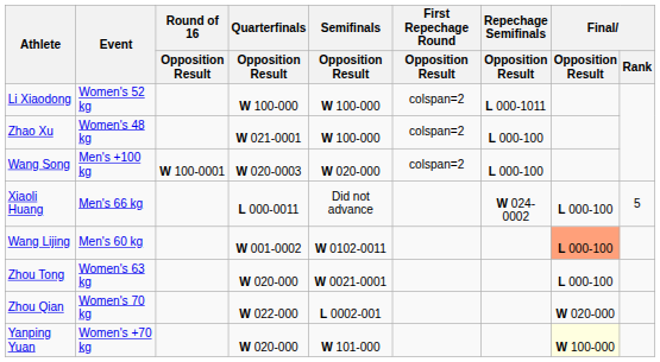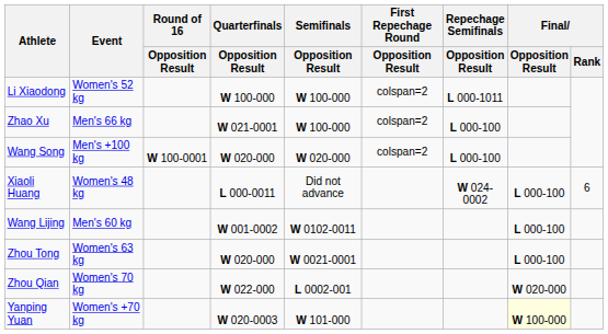 <table class="wikitable">
 <tr>
 <th rowspan="2">Athlete</th>
 <th rowspan="2">Event</th>
 <th>Round of 16</th>
 <th>Quarterfinals</th>
 <th>Semifinals</th>
 <th>First Repechage <br>Round</th>
 <th>Repechage <br>Semifinals</th>
 <th colspan="2">Final/</th>
 </tr>
 <tr>
 <th>Opposition<br>Result</th>
 <th>Opposition<br>Result</th>
 <th>Opposition<br>Result</th>
 <th>Opposition<br>Result</th>
 <th>Opposition<br>Result</th>
 <th>Opposition<br>Result</th>
 <th>Rank</th>
 </tr>
 <tr align=center>
 <td align=left><a href='#'>Li Xiaodong</a></td>
 <td align=left><a href='#'>Women's 52 kg</a></td>
 <td></td>
 <td><br><strong>W</strong> 100-000</td>
 <td><br><strong>W</strong> 100-000</td>
 <td>colspan=2 </td>
 <td><br><strong>L</strong> 000-1011</td>
 <td></td>
 </tr>
 <tr align=center>
 <td align=left><a href='#'>Zhao Xu</a></td>
-<td align=left><a href='#'>Women's 48 kg</a></td>
+<td align=left><a href='#'>Men's 66 kg</a></td>
 <td></td>
 <td><br><strong>W</strong> 021-0001</td>
 <td><br><strong>W</strong> 100-000</td>
 <td>colspan=2 </td>
 <td><br><strong>L</strong> 000-100</td>
 <td></td>
 </tr>
 <tr align=center>
 <td align=left><a href='#'>Wang Song</a></td>
 <td align=left><a href='#'>Men's +100 kg</a></td>
 <td><br><strong>W</strong> 100-0001</td>
-<td><br><strong>W</strong> 020-0003</td>
+<td><br><strong>W</strong> 020-000</td>
 <td><br><strong>W</strong> 020-000</td>
 <td>colspan=2 </td>
 <td><br><strong>L</strong> 000-100</td>
 <td></td>
 </tr>
 <tr align=center>
 <td align=left><a href='#'>Xiaoli Huang</a></td>
-<td align=left><a href='#'>Men's 66 kg</a></td>
+<td align=left><a href='#'>Women's 48 kg</a></td>
 <td></td>
 <td><br><strong>L</strong> 000-0011</td>
 <td>Did not advance</td>
 <td></td>
 <td><br><strong>W</strong> 024-0002</td>
 <td><br><strong>L</strong> 000-100</td>
-<td>5</td>
+<td>6</td>
 </tr>
 <tr align=center>
 <td align=left><a href='#'>Wang Lijing</a></td>
 <td align=left><a href='#'>Men's 60 kg</a></td>
 <td></td>
 <td><br><strong>W</strong> 001-0002</td>
 <td><br><strong>W</strong> 0102-0011</td>
 <td></td>
 <td></td>
-<td style="background: lightsalmon;"><br><strong>L</strong> 000-100</td>
+<td><br><strong>L</strong> 000-100</td>
 <td></td>
 </tr>
 <tr align=center>
 <td align=left><a href='#'>Zhou Tong</a></td>
 <td align=left><a href='#'>Women's 63 kg</a></td>
 <td></td>
 <td><br><strong>W</strong> 020-000</td>
 <td><br><strong>W</strong> 0021-0001</td>
 <td></td>
 <td></td>
 <td><br><strong>L</strong> 000-100</td>
 <td></td>
 </tr>
 <tr align=center>
 <td align=left><a href='#'>Zhou Qian</a></td>
 <td align=left><a href='#'>Women's 70 kg</a></td>
 <td></td>
 <td><br><strong>W</strong> 022-000</td>
 <td><br><strong>L</strong> 0002-001</td>
 <td></td>
 <td></td>
 <td><br><strong>W</strong> 020-000</td>
 <td></td>
 </tr>
 <tr align=center>
 <td align=left><a href='#'>Yanping Yuan</a></td>
 <td align=left><a href='#'>Women's +70 kg</a></td>
 <td></td>
-<td><br><strong>W</strong> 020-000</td>
+<td><br><strong>W</strong> 020-0003</td>
 <td><br><strong>W</strong> 101-000</td>
 <td></td>
 <td></td>
 <td style="background: lightyellow;"><br><strong>W</strong> 100-000</td>
 <td></td>
 </tr>
 </table>
